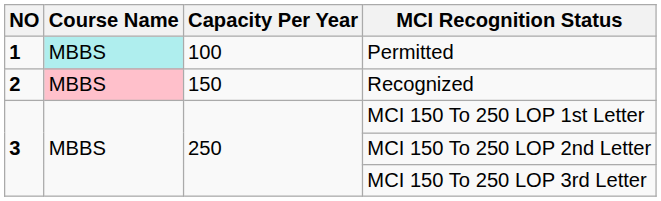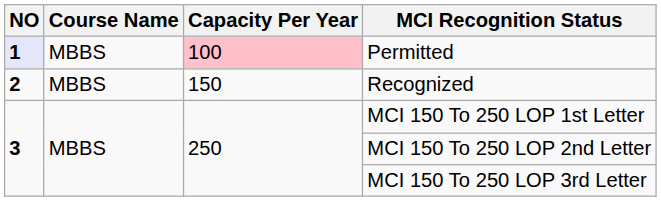 <table class="wikitable">
 <tr>
 <th>NO</th>
 <th>Course Name</th>
 <th>Capacity Per Year</th>
 <th>MCI Recognition Status</th>
 </tr>
 <tr>
-<td><strong>1</strong></td>
-<td style="background: paleturquoise;">MBBS</td>
-<td>100</td>
+<td style="background: lavender;"><strong>1</strong></td>
+<td>MBBS</td>
+<td style="background: pink;">100</td>
 <td>Permitted</td>
 </tr>
 <tr>
 <td><strong>2</strong></td>
-<td style="background: pink;">MBBS</td>
+<td>MBBS</td>
 <td>150</td>
 <td>Recognized</td>
 </tr>
 <tr>
 <td rowspan="3"><strong>3</strong></td>
 <td rowspan="3">MBBS</td>
 <td rowspan="3">250</td>
 <td>MCI 150 To 250 LOP 1st Letter</td>
 </tr>
 <tr>
 <td>MCI 150 To 250 LOP 2nd Letter</td>
 </tr>
 <tr>
 <td>MCI 150 To 250 LOP 3rd Letter</td>
 </tr>
 </table>
